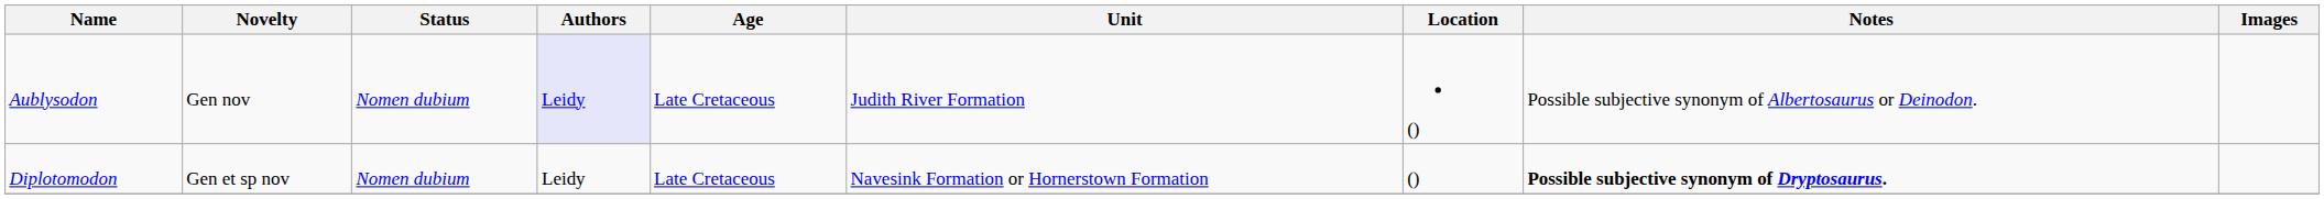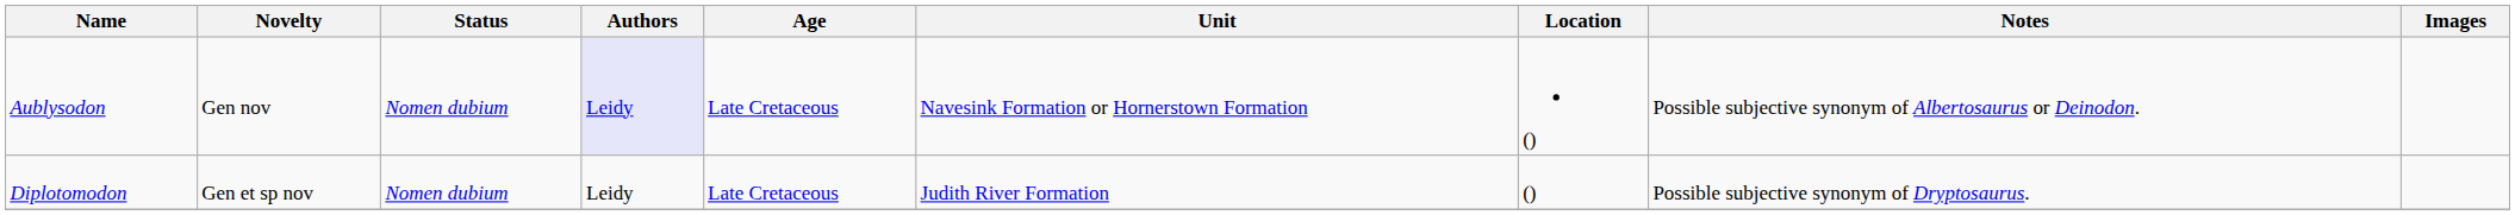 <table class="wikitable sortable" align="center" width="100%">
 <tr>
 <th>Name</th>
 <th>Novelty</th>
 <th>Status</th>
 <th>Authors</th>
 <th>Age</th>
 <th>Unit</th>
 <th>Location</th>
 <th>Notes</th>
 <th>Images</th>
 </tr>
 <tr>
 <td><br><em><a href='#'>Aublysodon</a></em></td>
 <td><br>Gen nov</td>
 <td><br><em><a href='#'>Nomen dubium</a></em></td>
 <td style="background: lavender;"><br><a href='#'>Leidy</a></td>
 <td><br><a href='#'>Late Cretaceous</a></td>
-<td><br><a href='#'>Judith River Formation</a></td>
+<td><br><a href='#'>Navesink Formation</a> or <a href='#'>Hornerstown Formation</a></td>
 <td><br><ul><li></li></ul>()</td>
 <td><br>Possible subjective synonym of <em><a href='#'>Albertosaurus</a></em> or <em><a href='#'>Deinodon</a></em>.</td>
 <td><br></td>
 </tr>
 <tr>
 <td><br><em><a href='#'>Diplotomodon</a></em></td>
 <td><br>Gen et sp nov</td>
 <td><br><em><a href='#'>Nomen dubium</a></em></td>
 <td><br>Leidy</td>
 <td><br><a href='#'>Late Cretaceous</a></td>
-<td><br><a href='#'>Navesink Formation</a> or <a href='#'>Hornerstown Formation</a></td>
+<td><br><a href='#'>Judith River Formation</a></td>
 <td><br> ()</td>
-<td><strong><br>Possible subjective synonym of <em><a href='#'>Dryptosaurus</a></em>.</strong></td>
+<td><br>Possible subjective synonym of <em><a href='#'>Dryptosaurus</a></em>.</td>
 <td></td>
 </tr>
 <tr>
 </tr>
 </table>
